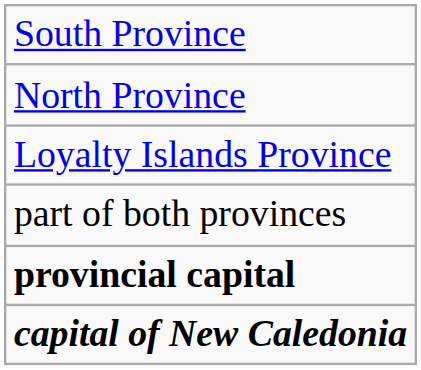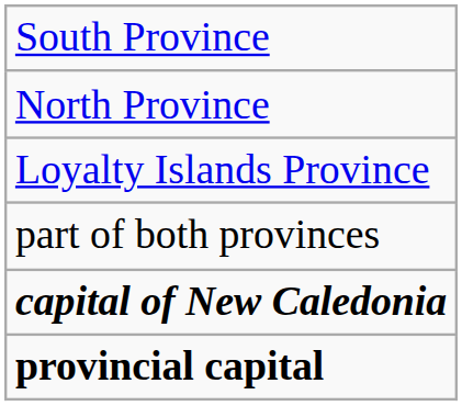 <table class="wikitable">
 <tr>
 <td> <a href='#'>South Province</a></td>
 </tr>
 <tr>
 <td> <a href='#'>North Province</a></td>
 </tr>
 <tr>
 <td> <a href='#'>Loyalty Islands Province</a></td>
 </tr>
 <tr>
 <td> part of both provinces</td>
 </tr>
 <tr>
+<td><strong><em>capital of New Caledonia</em></strong></td>
+</tr>
+<tr>
 <td><strong>provincial capital</strong></td>
 </tr>
-<tr>
-<td><strong><em>capital of New Caledonia</em></strong></td>
-</tr>
 </table>
